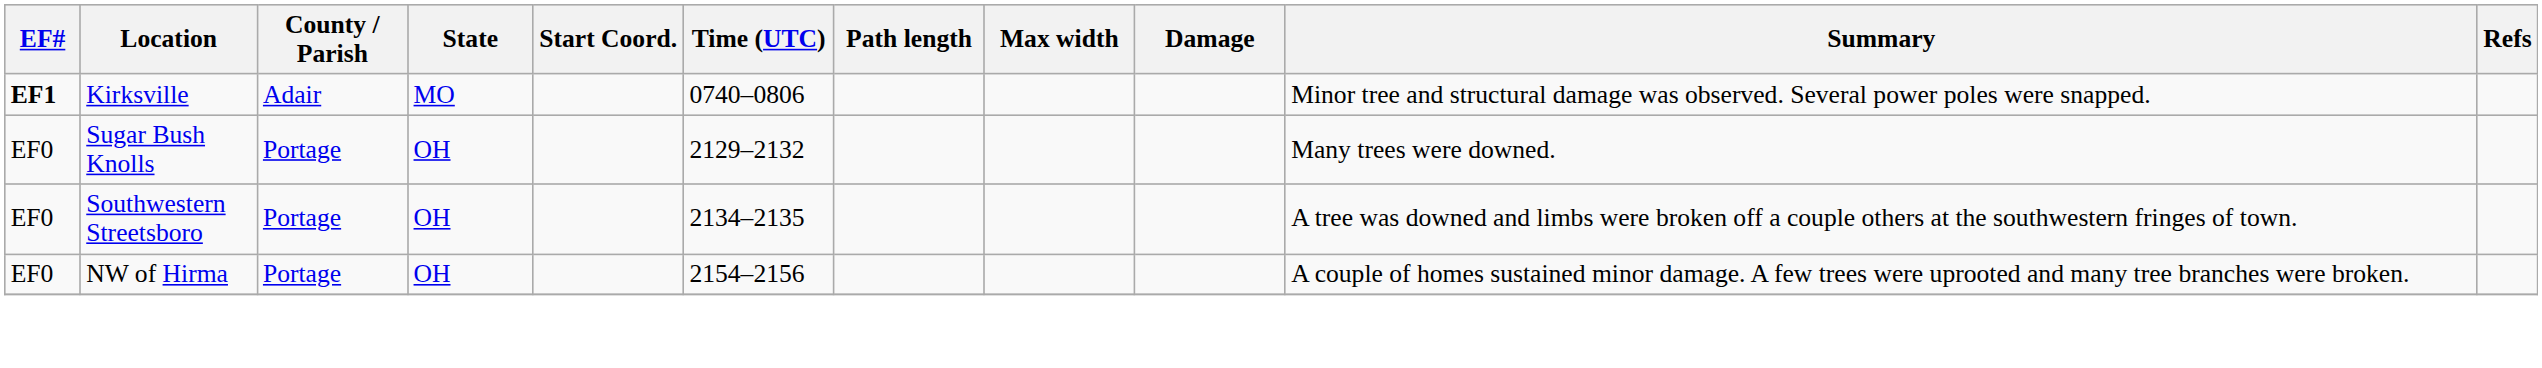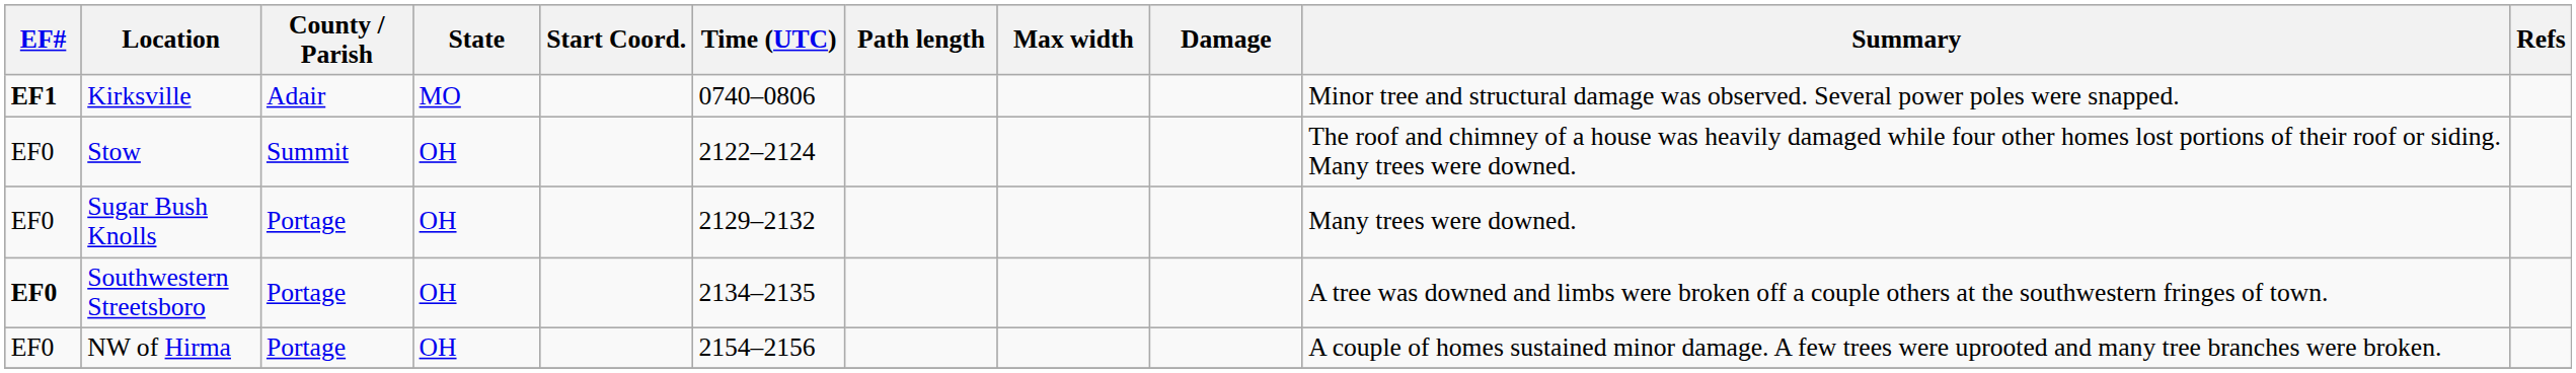 <table class="wikitable sortable" style="width:100%;">
 <tr>
 <th scope="col" width="3%" align="center"><a href='#'>EF#</a></th>
 <th scope="col" width="7%" align="center" class="unsortable">Location</th>
 <th scope="col" width="6%" align="center" class="unsortable">County / Parish</th>
 <th scope="col" width="5%" align="center">State</th>
 <th scope="col" width="6%" align="center">Start Coord.</th>
 <th scope="col" width="6%" align="center">Time (<a href='#'>UTC</a>)</th>
 <th scope="col" width="6%" align="center">Path length</th>
 <th scope="col" width="6%" align="center">Max width</th>
 <th scope="col" width="6%" align="center">Damage</th>
 <th scope="col" width="48%" class="unsortable" align="center">Summary</th>
 <th scope="col" width="48%" class="unsortable" align="center">Refs</th>
 </tr>
 <tr>
 <td><strong>EF1</strong></td>
 <td><a href='#'>Kirksville</a></td>
 <td><a href='#'>Adair</a></td>
 <td><a href='#'>MO</a></td>
 <td></td>
 <td>0740–0806</td>
 <td></td>
 <td></td>
 <td></td>
 <td>Minor tree and structural damage was observed. Several power poles were snapped.</td>
 <td></td>
 </tr>
 <tr>
 <td>EF0</td>
+<td><a href='#'>Stow</a></td>
+<td><a href='#'>Summit</a></td>
+<td><a href='#'>OH</a></td>
+<td></td>
+<td>2122–2124</td>
+<td></td>
+<td></td>
+<td></td>
+<td>The roof and chimney of a house was heavily damaged while four other homes lost portions of their roof or siding. Many trees were downed.</td>
+<td></td>
+</tr>
+<tr>
+<td>EF0</td>
 <td><a href='#'>Sugar Bush Knolls</a></td>
 <td><a href='#'>Portage</a></td>
 <td><a href='#'>OH</a></td>
 <td></td>
 <td>2129–2132</td>
 <td></td>
 <td></td>
 <td></td>
 <td>Many trees were downed.</td>
 <td></td>
 </tr>
 <tr>
-<td>EF0</td>
+<td><strong>EF0</strong></td>
 <td><a href='#'>Southwestern Streetsboro</a></td>
 <td><a href='#'>Portage</a></td>
 <td><a href='#'>OH</a></td>
 <td></td>
 <td>2134–2135</td>
 <td></td>
 <td></td>
 <td></td>
 <td>A tree was downed and limbs were broken off a couple others at the southwestern fringes of town.</td>
 <td></td>
 </tr>
 <tr>
 <td>EF0</td>
 <td>NW of <a href='#'>Hirma</a></td>
 <td><a href='#'>Portage</a></td>
 <td><a href='#'>OH</a></td>
 <td></td>
 <td>2154–2156</td>
 <td></td>
 <td></td>
 <td></td>
 <td>A couple of homes sustained minor damage. A few trees were uprooted and many tree branches were broken.</td>
 <td></td>
 </tr>
 <tr>
 </tr>
 </table>
